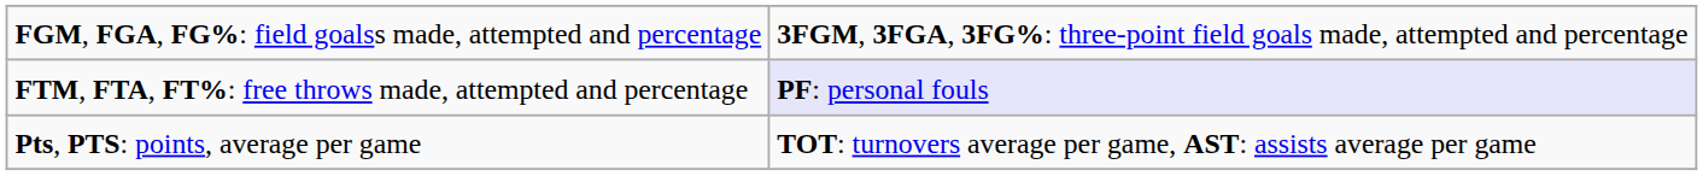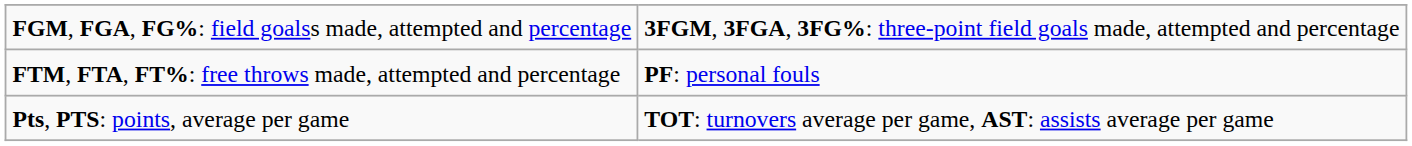 <table style="margin:auto;"  class="wikitable">
 <tr>
 <td><small><strong>FGM</strong>, <strong>FGA</strong>, <strong>FG%</strong>: <a href='#'>field goals</a>s made, attempted and <a href='#'>percentage</a></small></td>
 <td><small><strong>3FGM</strong>, <strong>3FGA</strong>, <strong>3FG%</strong>: <a href='#'>three-point field goals</a> made, attempted and percentage</small></td>
 </tr>
 <tr>
 <td><small><strong>FTM</strong>, <strong>FTA</strong>, <strong>FT%</strong>: <a href='#'>free throws</a> made, attempted and percentage</small></td>
-<td style="background: lavender;"><small><strong>PF</strong>: <a href='#'>personal fouls</a></small></td>
+<td><small><strong>PF</strong>: <a href='#'>personal fouls</a></small></td>
 </tr>
 <tr>
 <td><small><strong>Pts</strong>, <strong>PTS</strong>: <a href='#'>points</a>, average per game</small></td>
 <td><small><strong>TOT</strong>: <a href='#'>turnovers</a> average per game, <strong>AST</strong>: <a href='#'>assists</a> average per game</small></td>
 </tr>
 </table>
